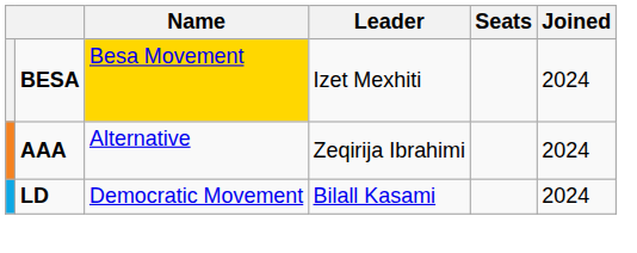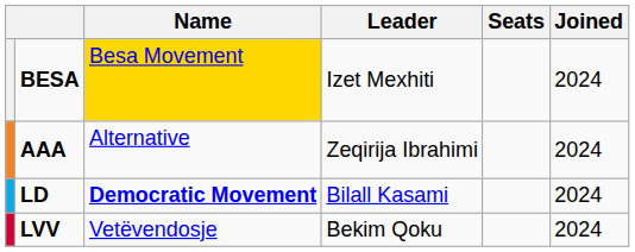 <table class="wikitable" style="text-align:left;">
 <tr>
 <th colspan="2"></th>
 <th>Name</th>
 <th>Leader</th>
 <th>Seats</th>
 <th>Joined</th>
 </tr>
 <tr>
 <th style="background-color:"></th>
 <td><strong>BESA</strong></td>
 <td style="background: gold;"><a href='#'>Besa Movement</a><br><br><br></td>
 <td>Izet Mexhiti</td>
 <td></td>
 <td>2024</td>
 </tr>
 <tr>
 <th style="background-color:#F58220;"></th>
 <td><strong>AAA</strong></td>
 <td><a href='#'>Alternative</a><br><br></td>
 <td>Zeqirija Ibrahimi</td>
 <td></td>
 <td>2024</td>
 </tr>
 <tr>
 <th style="background-color:#0DA8E5;"></th>
 <td><strong>LD</strong></td>
-<td><a href='#'>Democratic Movement</a></td>
+<td><strong><a href='#'>Democratic Movement</a></strong></td>
 <td><a href='#'>Bilall Kasami</a></td>
 <td></td>
 <td>2024</td>
 </tr>
+<tr>
+<th style="background-color:#CC0033;"></th>
+<td><strong>LVV</strong></td>
+<td><a href='#'>Vetëvendosje</a></td>
+<td>Bekim Qoku</td>
+<td></td>
+<td>2024</td>
+</tr>
 </table>
